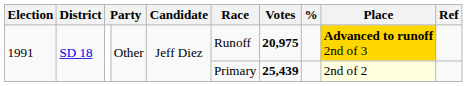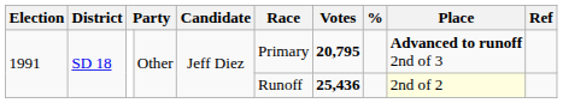 <table class="wikitable sortable">
 <tr>
 <th>Election</th>
 <th>District</th>
 <th colspan=2>Party</th>
 <th>Candidate</th>
 <th>Race</th>
 <th>Votes</th>
 <th>%</th>
 <th>Place</th>
 <th>Ref</th>
 </tr>
 <tr>
 <td rowspan=2>1991</td>
 <td rowspan=2><a href='#'>SD 18</a></td>
 <th rowspan=2 style="background-color:#ffffff"></th>
 <td rowspan=2>Other</td>
 <td rowspan=2 align="center">Jeff Diez</td>
-<td>Runoff</td>
-<td><strong>20,975</strong></td>
+<td>Primary</td>
+<td><strong>20,795</strong></td>
 <td></td>
-<td style="background: gold;"><strong>Advanced to runoff</strong><br>2nd of 3</td>
+<td><strong>Advanced to runoff</strong><br>2nd of 3</td>
 <td></td>
 </tr>
 <tr>
-<td>Primary</td>
-<td><strong>25,439</strong></td>
+<td>Runoff</td>
+<td><strong>25,436</strong></td>
 <td></td>
 <td style="background: lightyellow;">2nd of 2</td>
 <td></td>
 </tr>
 </table>
